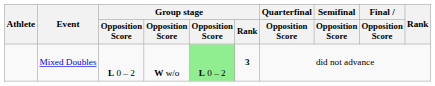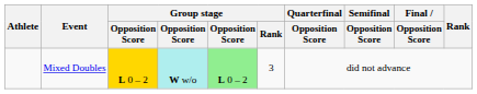 <table class="wikitable" style="font-size:90%">
 <tr>
 <th rowspan=2>Athlete</th>
 <th rowspan=2>Event</th>
 <th colspan=4>Group stage</th>
 <th>Quarterfinal</th>
 <th>Semifinal</th>
 <th>Final / </th>
 <th rowspan=2>Rank</th>
 </tr>
 <tr style="font-size:95%">
 <th>Opposition<br>Score</th>
 <th>Opposition<br>Score</th>
 <th>Opposition<br>Score</th>
 <th>Rank</th>
 <th>Opposition<br>Score</th>
 <th>Opposition<br>Score</th>
 <th>Opposition<br>Score</th>
 </tr>
 <tr align=center>
 <td align=left><br></td>
 <td align=left><a href='#'>Mixed Doubles</a></td>
-<td><br><br><strong>L</strong> 0 – 2</td>
-<td><br><br><strong>W</strong> w/o</td>
+<td style="background: gold;"><br><br><strong>L</strong> 0 – 2</td>
+<td style="background: paleturquoise;"><br><br><strong>W</strong> w/o</td>
 <td style="background: lightgreen;"><br><br><strong>L</strong> 0 – 2</td>
-<td><strong>3</strong></td>
+<td>3</td>
 <td colspan=4>did not advance</td>
 </tr>
 </table>
